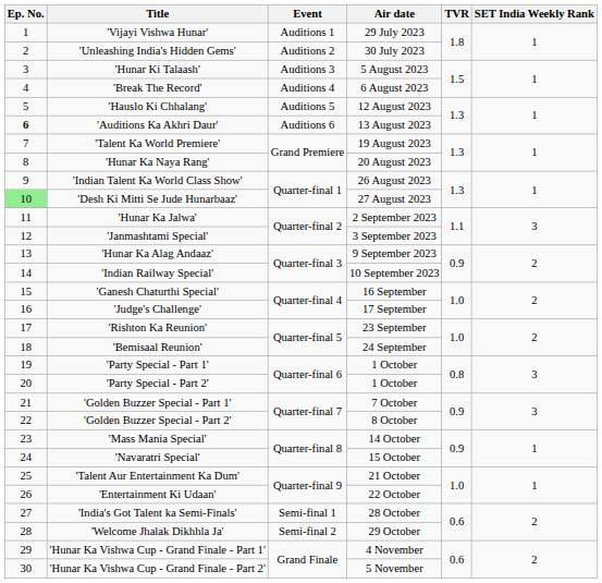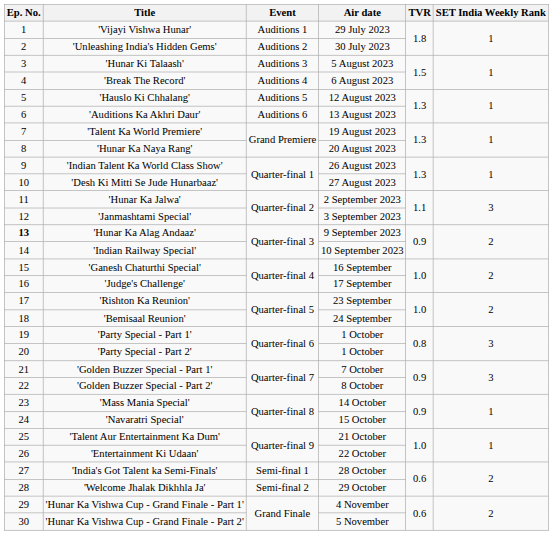 <table class="wikitable" style="text-align:center; font-size:99%;">
 <tr>
 <th>Ep. No.</th>
 <th>Title</th>
 <th>Event</th>
 <th>Air date</th>
 <th>TVR</th>
 <th>SET India Weekly Rank</th>
 </tr>
 <tr>
 <td>1</td>
 <td>'Vijayi Vishwa Hunar'</td>
 <td>Auditions 1</td>
 <td>29 July 2023</td>
 <td rowspan="2">1.8</td>
 <td rowspan="2">1</td>
 </tr>
 <tr>
 <td>2</td>
 <td>'Unleashing India's Hidden Gems'</td>
 <td>Auditions 2</td>
 <td>30 July 2023</td>
 </tr>
 <tr>
 <td>3</td>
 <td>'Hunar Ki Talaash'</td>
 <td>Auditions 3</td>
 <td>5 August 2023</td>
 <td rowspan="2">1.5</td>
 <td rowspan="2">1</td>
 </tr>
 <tr>
 <td>4</td>
 <td>'Break The Record'</td>
 <td>Auditions 4</td>
 <td>6 August 2023</td>
 </tr>
 <tr>
 <td>5</td>
 <td>'Hauslo Ki Chhalang'</td>
 <td>Auditions 5</td>
 <td>12 August 2023</td>
 <td rowspan="2">1.3</td>
 <td rowspan="2">1</td>
 </tr>
 <tr>
-<td><strong>6</strong></td>
+<td>6</td>
 <td>'Auditions Ka Akhri Daur'</td>
 <td>Auditions 6</td>
 <td>13 August 2023</td>
 </tr>
 <tr>
 <td>7</td>
 <td>'Talent Ka World Premiere'</td>
 <td rowspan="2">Grand Premiere</td>
 <td>19 August 2023</td>
 <td rowspan="2">1.3</td>
 <td rowspan="2">1</td>
 </tr>
 <tr>
 <td>8</td>
 <td>'Hunar Ka Naya Rang'</td>
 <td>20 August 2023</td>
 </tr>
 <tr>
 <td>9</td>
 <td>'Indian Talent Ka World Class Show'</td>
 <td rowspan="2">Quarter-final 1</td>
 <td>26 August 2023</td>
 <td rowspan="2">1.3</td>
 <td rowspan="2">1</td>
 </tr>
 <tr>
-<td style="background: lightgreen;">10</td>
+<td>10</td>
 <td>'Desh Ki Mitti Se Jude Hunarbaaz'</td>
 <td>27 August 2023</td>
 </tr>
 <tr>
 <td>11</td>
 <td>'Hunar Ka Jalwa'</td>
 <td rowspan="2">Quarter-final 2</td>
 <td>2 September 2023</td>
 <td rowspan="2">1.1</td>
 <td rowspan="2">3</td>
 </tr>
 <tr>
 <td>12</td>
 <td>'Janmashtami Special'</td>
 <td>3 September 2023</td>
 </tr>
 <tr>
-<td>13</td>
+<td><strong>13</strong></td>
 <td>'Hunar Ka Alag Andaaz'</td>
 <td rowspan="2">Quarter-final 3</td>
 <td>9 September 2023</td>
 <td rowspan="2">0.9</td>
 <td rowspan="2">2</td>
 </tr>
 <tr>
 <td>14</td>
 <td>'Indian Railway Special'</td>
 <td>10 September 2023</td>
 </tr>
 <tr>
 <td>15</td>
 <td>'Ganesh Chaturthi Special'</td>
 <td rowspan="2">Quarter-final 4</td>
 <td>16 September</td>
 <td rowspan="2">1.0</td>
 <td rowspan="2">2</td>
 </tr>
 <tr>
 <td>16</td>
 <td>'Judge's Challenge'</td>
 <td>17 September</td>
 </tr>
 <tr>
 <td>17</td>
 <td>'Rishton Ka Reunion'</td>
 <td rowspan="2">Quarter-final 5</td>
 <td>23 September</td>
 <td rowspan="2">1.0</td>
 <td rowspan="2">2</td>
 </tr>
 <tr>
 <td>18</td>
 <td>'Bemisaal Reunion'</td>
 <td>24 September</td>
 </tr>
 <tr>
 <td>19</td>
 <td>'Party Special - Part 1'</td>
 <td rowspan="2">Quarter-final 6</td>
 <td>1 October</td>
 <td rowspan="2">0.8</td>
 <td rowspan="2">3</td>
 </tr>
 <tr>
 <td>20</td>
 <td>'Party Special - Part 2'</td>
 <td>1 October</td>
 </tr>
 <tr>
 <td>21</td>
 <td>'Golden Buzzer Special - Part 1'</td>
 <td rowspan="2">Quarter-final 7</td>
 <td>7 October</td>
 <td rowspan="2">0.9</td>
 <td rowspan="2">3</td>
 </tr>
 <tr>
 <td>22</td>
 <td>'Golden Buzzer Special - Part 2'</td>
 <td>8 October</td>
 </tr>
 <tr>
 <td>23</td>
 <td>'Mass Mania Special'</td>
 <td rowspan="2">Quarter-final 8</td>
 <td>14 October</td>
 <td rowspan="2">0.9</td>
 <td rowspan="2">1</td>
 </tr>
 <tr>
 <td>24</td>
 <td>'Navaratri Special'</td>
 <td>15 October</td>
 </tr>
 <tr>
 <td>25</td>
 <td>'Talent Aur Entertainment Ka Dum'</td>
 <td rowspan="2">Quarter-final 9</td>
 <td>21 October</td>
 <td rowspan="2">1.0</td>
 <td rowspan="2">1</td>
 </tr>
 <tr>
 <td>26</td>
 <td>'Entertainment Ki Udaan'</td>
 <td>22 October</td>
 </tr>
 <tr>
 <td>27</td>
 <td>'India's Got Talent ka Semi-Finals'</td>
 <td>Semi-final 1</td>
 <td>28 October</td>
 <td rowspan="2">0.6</td>
 <td rowspan="2">2</td>
 </tr>
 <tr>
 <td>28</td>
 <td>'Welcome Jhalak Dikhhla Ja'</td>
 <td>Semi-final 2</td>
 <td>29 October</td>
 </tr>
 <tr>
 <td>29</td>
 <td>'Hunar Ka Vishwa Cup - Grand Finale - Part 1'</td>
 <td rowspan="2">Grand Finale</td>
 <td>4 November</td>
 <td rowspan="2">0.6</td>
 <td rowspan="2">2</td>
 </tr>
 <tr>
 <td>30</td>
 <td>'Hunar Ka Vishwa Cup - Grand Finale - Part 2'</td>
 <td>5 November</td>
 </tr>
 </table>
